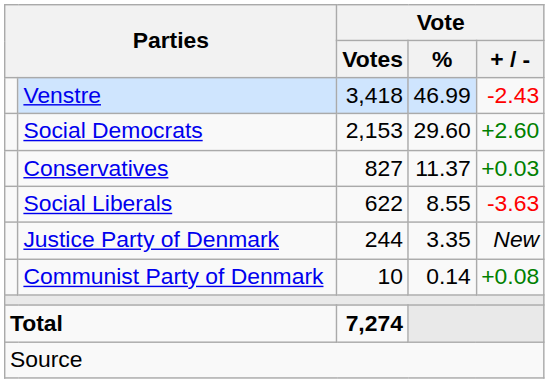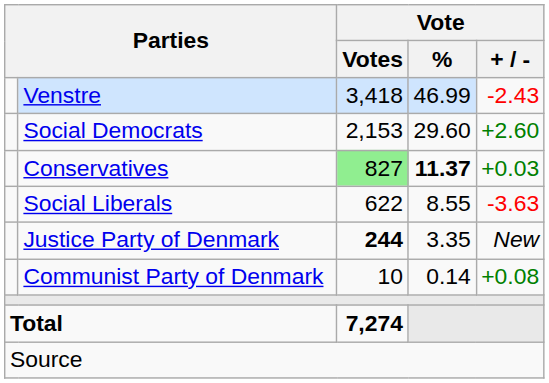 <table class="wikitable" style="text-align:right;">
 <tr>
 <th style="text-align:centre;" rowspan="2" colspan="2" width="225">Parties</th>
 <th colspan="3">Vote</th>
 </tr>
 <tr>
 <th width="15">Votes</th>
 <th width="15">%</th>
 <th width="15">+ / -</th>
 </tr>
 <tr>
 <td width="2" style="color:inherit;background:"></td>
 <td bgcolor=#cfe5fe  align="left"><a href='#'>Venstre</a></td>
 <td bgcolor=#cfe5fe>3,418</td>
 <td bgcolor=#cfe5fe>46.99</td>
 <td style=color:red;>-2.43</td>
 </tr>
 <tr>
 <td width="2" style="color:inherit;background:"></td>
 <td align="left"><a href='#'>Social Democrats</a></td>
 <td>2,153</td>
 <td>29.60</td>
 <td style=color:green;>+2.60</td>
 </tr>
 <tr>
 <td width="2" style="color:inherit;background:"></td>
 <td align="left"><a href='#'>Conservatives</a></td>
-<td>827</td>
-<td>11.37</td>
+<td style="background: lightgreen;">827</td>
+<td><strong>11.37</strong></td>
 <td style=color:green;>+0.03</td>
 </tr>
 <tr>
 <td width="2" style="color:inherit;background:"></td>
 <td align="left"><a href='#'>Social Liberals</a></td>
 <td>622</td>
 <td>8.55</td>
 <td style=color:red;>-3.63</td>
 </tr>
 <tr>
 <td width="2" style="color:inherit;background:"></td>
 <td align="left"><a href='#'>Justice Party of Denmark</a></td>
-<td>244</td>
+<td><strong>244</strong></td>
 <td>3.35</td>
 <td><em>New</em></td>
 </tr>
 <tr>
 <td width="2" style="color:inherit;background:"></td>
 <td align="left"><a href='#'>Communist Party of Denmark</a></td>
 <td>10</td>
 <td>0.14</td>
 <td style=color:green;>+0.08</td>
 </tr>
 <tr>
 <td colspan="7" bgcolor="#E9E9E9"></td>
 </tr>
 <tr>
 <td align="left" colspan="2"><strong>Total</strong></td>
 <td><strong>7,274</strong></td>
 <td bgcolor="#E9E9E9" colspan="2"></td>
 </tr>
 <tr>
 <td align="left" colspan="6">Source</td>
 </tr>
 </table>
